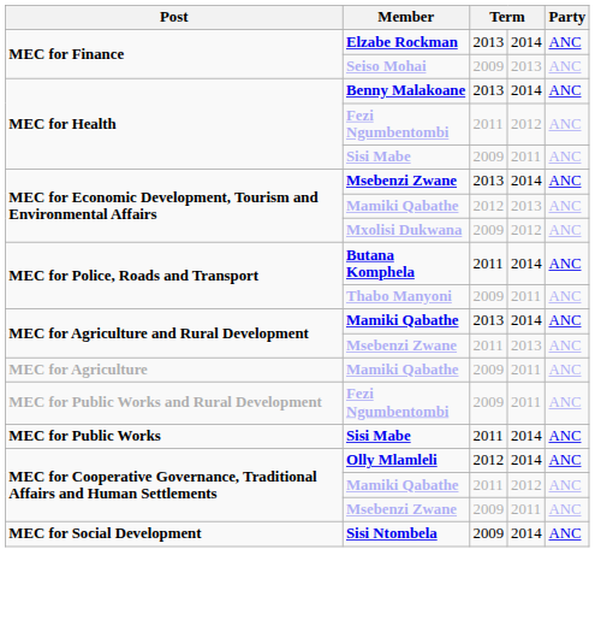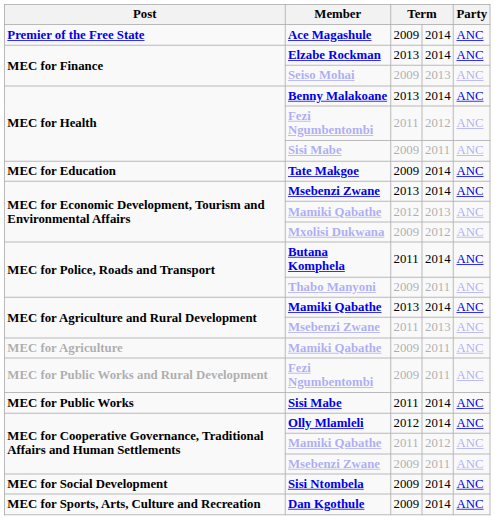 <table class="wikitable">
 <tr>
 <th>Post</th>
 <th>Member</th>
 <th colspan="2">Term</th>
 <th>Party</th>
+</tr>
+<tr>
+<td><strong><a href='#'>Premier of the Free State</a></strong></td>
+<td><strong><a href='#'>Ace Magashule</a></strong></td>
+<td>2009</td>
+<td>2014</td>
+<td><a href='#'>ANC</a></td>
 </tr>
 <tr>
 <td rowspan="2"><strong>MEC for Finance</strong></td>
 <td><strong><a href='#'>Elzabe Rockman</a></strong></td>
 <td>2013</td>
 <td>2014</td>
 <td><a href='#'>ANC</a></td>
 </tr>
 <tr style="opacity:.3;">
 <td><strong><a href='#'>Seiso Mohai</a></strong></td>
 <td>2009</td>
 <td>2013</td>
 <td><a href='#'>ANC</a></td>
 </tr>
 <tr>
 <td rowspan="3"><strong>MEC for Health</strong></td>
 <td><strong><a href='#'>Benny Malakoane</a></strong></td>
 <td>2013</td>
 <td>2014</td>
 <td><a href='#'>ANC</a></td>
 </tr>
 <tr style="opacity:.3;">
 <td><strong><a href='#'>Fezi Ngumbentombi</a></strong></td>
 <td>2011</td>
 <td>2012</td>
 <td><a href='#'>ANC</a></td>
 </tr>
 <tr style="opacity:.3;">
 <td><strong><a href='#'>Sisi Mabe</a></strong></td>
 <td>2009</td>
 <td>2011</td>
+<td><a href='#'>ANC</a></td>
+</tr>
+<tr>
+<td><strong>MEC for Education</strong></td>
+<td><strong><a href='#'>Tate Makgoe</a></strong></td>
+<td>2009</td>
+<td>2014</td>
 <td><a href='#'>ANC</a></td>
 </tr>
 <tr>
 <td rowspan="3"><strong>MEC for Economic Development, Tourism and Environmental Affairs</strong></td>
 <td><a href='#'><strong>Msebenzi Zwane</strong></a></td>
 <td>2013</td>
 <td>2014</td>
 <td><a href='#'>ANC</a></td>
 </tr>
 <tr style="opacity:.3;">
 <td><strong><a href='#'>Mamiki Qabathe</a></strong></td>
 <td>2012</td>
 <td>2013</td>
 <td><a href='#'>ANC</a></td>
 </tr>
 <tr style="opacity:.3;">
 <td><strong><a href='#'>Mxolisi Dukwana</a></strong></td>
 <td>2009</td>
 <td>2012</td>
 <td><a href='#'>ANC</a></td>
 </tr>
 <tr>
 <td rowspan="2"><strong>MEC for Police, Roads and Transport</strong></td>
 <td><strong><a href='#'>Butana Komphela</a></strong></td>
 <td>2011</td>
 <td>2014</td>
 <td><a href='#'>ANC</a></td>
 </tr>
 <tr style="opacity:.3;">
 <td><strong><a href='#'>Thabo Manyoni</a></strong></td>
 <td>2009</td>
 <td>2011</td>
 <td><a href='#'>ANC</a></td>
 </tr>
 <tr>
 <td rowspan="2"><strong>MEC for Agriculture and Rural Development</strong></td>
 <td><strong><a href='#'>Mamiki Qabathe</a></strong></td>
 <td>2013</td>
 <td>2014</td>
 <td><a href='#'>ANC</a></td>
 </tr>
 <tr style="opacity:.3;">
 <td><a href='#'><strong>Msebenzi Zwane</strong></a></td>
 <td>2011</td>
 <td>2013</td>
 <td><a href='#'>ANC</a></td>
 </tr>
 <tr style="opacity:.3;">
 <td><strong>MEC for Agriculture</strong></td>
 <td><strong><a href='#'>Mamiki Qabathe</a></strong></td>
 <td>2009</td>
 <td>2011</td>
 <td><a href='#'>ANC</a></td>
 </tr>
 <tr style="opacity:.3;">
 <td><strong>MEC for Public Works and Rural Development</strong></td>
 <td><strong><a href='#'>Fezi Ngumbentombi</a></strong></td>
 <td>2009</td>
 <td>2011</td>
 <td><a href='#'>ANC</a></td>
 </tr>
 <tr>
 <td><strong>MEC for Public Works</strong></td>
 <td><strong><a href='#'>Sisi Mabe</a></strong></td>
 <td>2011</td>
 <td>2014</td>
 <td><a href='#'>ANC</a></td>
 </tr>
 <tr>
 <td rowspan="3"><strong>MEC for Cooperative Governance, Traditional Affairs and Human Settlements</strong></td>
 <td><strong><a href='#'>Olly Mlamleli</a></strong></td>
 <td>2012</td>
 <td>2014</td>
 <td><a href='#'>ANC</a></td>
 </tr>
 <tr style="opacity:.3;">
 <td><strong><a href='#'>Mamiki Qabathe</a></strong></td>
 <td>2011</td>
 <td>2012</td>
 <td><a href='#'>ANC</a></td>
 </tr>
 <tr style="opacity:.3;">
 <td><a href='#'><strong>Msebenzi Zwane</strong></a></td>
 <td>2009</td>
 <td>2011</td>
 <td><a href='#'>ANC</a></td>
 </tr>
 <tr>
 <td><strong>MEC for Social Development</strong></td>
 <td><strong><a href='#'>Sisi Ntombela</a></strong></td>
 <td>2009</td>
 <td>2014</td>
 <td><a href='#'>ANC</a></td>
 </tr>
+<tr>
+<td><strong>MEC for Sports, Arts, Culture and Recreation</strong></td>
+<td><strong><a href='#'>Dan Kgothule</a></strong></td>
+<td>2009</td>
+<td>2014</td>
+<td><a href='#'>ANC</a></td>
+</tr>
 </table>
